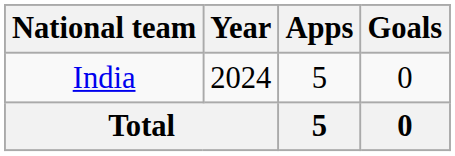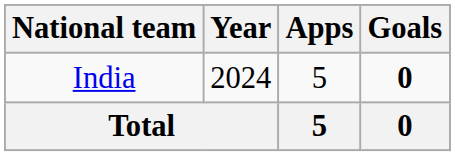 <table class="wikitable" style="text-align: center;">
 <tr>
 <th>National team</th>
 <th>Year</th>
 <th>Apps</th>
 <th>Goals</th>
 </tr>
 <tr>
 <td rowspan="1"><a href='#'>India</a></td>
 <td>2024</td>
 <td>5</td>
-<td>0</td>
+<td><strong>0</strong></td>
 </tr>
 <tr>
 <th colspan="2">Total</th>
 <th>5</th>
 <th>0</th>
 </tr>
 </table>
